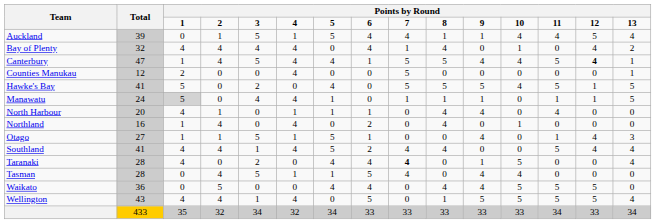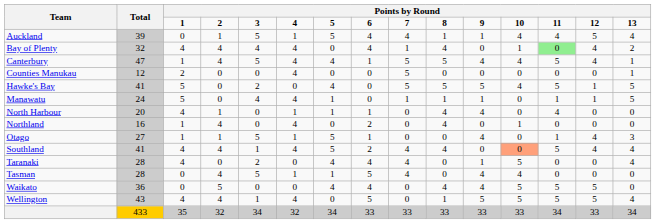 <table class="wikitable" style="text-align:center; line-height: 90%; font-size:90%;" width=80%>
 <tr>
 <th rowspan=2 width=12%>Team</th>
 <th rowspan=2 width=5%>Total</th>
 <th colspan=13>Points by Round</th>
 </tr>
 <tr>
 <td width=4%><strong>1</strong></td>
 <td width=4%><strong>2</strong></td>
 <td width=4%><strong>3</strong></td>
 <td width=4%><strong>4</strong></td>
 <td width=4%><strong>5</strong></td>
 <td width=4%><strong>6</strong></td>
 <td width=4%><strong>7</strong></td>
 <td width=4%><strong>8</strong></td>
 <td width=4%><strong>9</strong></td>
 <td width=4%><strong>10</strong></td>
 <td width=4%><strong>11</strong></td>
 <td width=4%><strong>12</strong></td>
 <td width=4%><strong>13</strong></td>
 </tr>
 <tr>
 <td align=left> <a href='#'>Auckland</a></td>
 <td bgcolor=#cccccc>39</td>
 <td>0</td>
 <td>1</td>
 <td>5</td>
 <td>1</td>
 <td>5</td>
 <td>4</td>
 <td>4</td>
 <td>1</td>
 <td>1</td>
 <td>4</td>
 <td>4</td>
 <td>5</td>
 <td>4</td>
 </tr>
 <tr>
 <td align=left> <a href='#'>Bay of Plenty</a></td>
 <td bgcolor=#cccccc>32</td>
 <td>4</td>
 <td>4</td>
 <td>4</td>
 <td>4</td>
 <td>0</td>
 <td>4</td>
 <td>1</td>
 <td>4</td>
 <td>0</td>
 <td>1</td>
-<td>0</td>
+<td style="background: lightgreen;">0</td>
 <td>4</td>
 <td>2</td>
 </tr>
 <tr>
 <td align=left> <a href='#'>Canterbury</a></td>
 <td bgcolor=#cccccc>47</td>
 <td>1</td>
 <td>4</td>
 <td>5</td>
 <td>4</td>
 <td>4</td>
 <td>1</td>
 <td>5</td>
 <td>5</td>
 <td>4</td>
 <td>4</td>
 <td>5</td>
-<td><strong>4</strong></td>
+<td>4</td>
 <td>1</td>
 </tr>
 <tr>
 <td align=left> <a href='#'>Counties Manukau</a></td>
 <td bgcolor=#cccccc>12</td>
 <td>2</td>
 <td>0</td>
 <td>0</td>
 <td>4</td>
 <td>0</td>
 <td>0</td>
 <td>5</td>
 <td>0</td>
 <td>0</td>
 <td>0</td>
 <td>0</td>
 <td>0</td>
 <td>1</td>
 </tr>
 <tr>
 <td align=left> <a href='#'>Hawke's Bay</a></td>
 <td bgcolor=#cccccc>41</td>
 <td>5</td>
 <td>0</td>
 <td>2</td>
 <td>0</td>
 <td>4</td>
 <td>0</td>
 <td>5</td>
 <td>5</td>
 <td>5</td>
 <td>4</td>
 <td>5</td>
 <td>1</td>
 <td>5</td>
 </tr>
 <tr>
 <td align=left> <a href='#'>Manawatu</a></td>
 <td bgcolor=#cccccc>24</td>
-<td style="background: lightgrey;">5</td>
+<td>5</td>
 <td>0</td>
 <td>4</td>
 <td>4</td>
 <td>1</td>
 <td>0</td>
 <td>1</td>
 <td>1</td>
 <td>1</td>
 <td>0</td>
 <td>1</td>
 <td>1</td>
 <td>5</td>
 </tr>
 <tr>
 <td align=left> <a href='#'>North Harbour</a></td>
 <td bgcolor=#cccccc>20</td>
 <td>4</td>
 <td>1</td>
 <td>0</td>
 <td>1</td>
 <td>1</td>
 <td>1</td>
 <td>0</td>
 <td>4</td>
 <td>4</td>
 <td>0</td>
 <td>4</td>
 <td>0</td>
 <td>0</td>
 </tr>
 <tr>
 <td align=left> <a href='#'>Northland</a></td>
 <td bgcolor=#cccccc>16</td>
 <td>1</td>
 <td>4</td>
 <td>0</td>
 <td>4</td>
 <td>0</td>
 <td>2</td>
 <td>0</td>
 <td>4</td>
 <td>0</td>
 <td>1</td>
 <td>0</td>
 <td>0</td>
 <td>0</td>
 </tr>
 <tr>
 <td align=left> <a href='#'>Otago</a></td>
 <td bgcolor=#cccccc>27</td>
 <td>1</td>
 <td>1</td>
 <td>5</td>
 <td>1</td>
 <td>5</td>
 <td>1</td>
 <td>0</td>
 <td>0</td>
 <td>4</td>
 <td>0</td>
 <td>1</td>
 <td>4</td>
 <td>3</td>
 </tr>
 <tr>
 <td align=left> <a href='#'>Southland</a></td>
 <td bgcolor=#cccccc>41</td>
 <td>4</td>
 <td>4</td>
 <td>1</td>
 <td>4</td>
 <td>5</td>
 <td>2</td>
 <td>4</td>
 <td>4</td>
 <td>0</td>
-<td>0</td>
+<td style="background: lightsalmon;">0</td>
 <td>5</td>
 <td>4</td>
 <td>4</td>
 </tr>
 <tr>
 <td align=left> <a href='#'>Taranaki</a></td>
 <td bgcolor=#cccccc>28</td>
 <td>4</td>
 <td>0</td>
 <td>2</td>
 <td>0</td>
 <td>4</td>
 <td>4</td>
-<td><strong>4</strong></td>
+<td>4</td>
 <td>0</td>
 <td>1</td>
 <td>5</td>
 <td>0</td>
 <td>0</td>
 <td>4</td>
 </tr>
 <tr>
 <td align=left> <a href='#'>Tasman</a></td>
 <td bgcolor=#cccccc>28</td>
 <td>0</td>
 <td>4</td>
 <td>5</td>
 <td>1</td>
 <td>1</td>
 <td>5</td>
 <td>4</td>
 <td>0</td>
 <td>4</td>
 <td>4</td>
 <td>0</td>
 <td>0</td>
 <td>0</td>
 </tr>
 <tr>
 <td align=left> <a href='#'>Waikato</a></td>
 <td bgcolor=#cccccc>36</td>
 <td>0</td>
 <td>5</td>
 <td>0</td>
 <td>0</td>
 <td>4</td>
 <td>4</td>
 <td>0</td>
 <td>4</td>
 <td>4</td>
 <td>5</td>
 <td>5</td>
 <td>5</td>
 <td>0</td>
 </tr>
 <tr>
 <td align=left> <a href='#'>Wellington</a></td>
 <td bgcolor=#cccccc>43</td>
 <td>4</td>
 <td>4</td>
 <td>1</td>
 <td>4</td>
 <td>0</td>
 <td>5</td>
 <td>0</td>
 <td>1</td>
 <td>5</td>
 <td>5</td>
 <td>5</td>
 <td>5</td>
 <td>4</td>
 </tr>
 <tr>
 <th></th>
 <td bgcolor=#ffcc00>433</td>
 <td bgcolor=#cccccc>35</td>
 <td bgcolor=#cccccc>32</td>
 <td bgcolor=#cccccc>34</td>
 <td bgcolor=#cccccc>32</td>
 <td bgcolor=#cccccc>34</td>
 <td bgcolor=#cccccc>33</td>
 <td bgcolor=#cccccc>33</td>
 <td bgcolor=#cccccc>33</td>
 <td bgcolor=#cccccc>33</td>
 <td bgcolor=#cccccc>33</td>
 <td bgcolor=#cccccc>34</td>
 <td bgcolor=#cccccc>33</td>
 <td bgcolor=#cccccc>34</td>
 </tr>
 </table>
